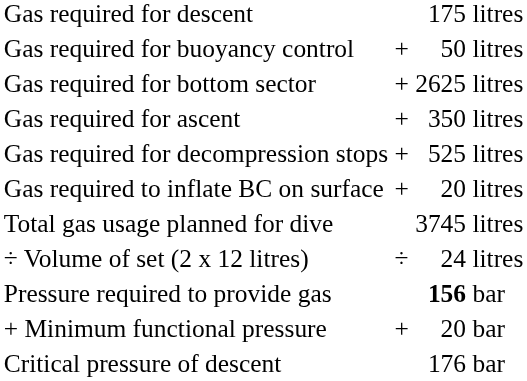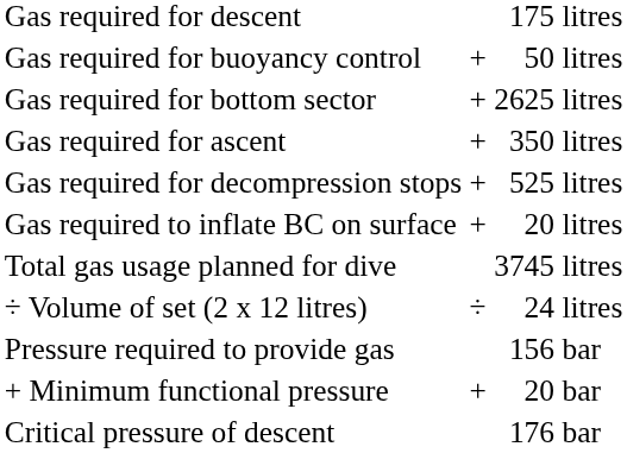 <table>
 <tr>
 <td>Gas required for descent</td>
 <td></td>
 <td align="right">175</td>
 <td>litres</td>
 </tr>
 <tr>
 <td>Gas required for buoyancy control</td>
 <td>+</td>
 <td align="right">50</td>
 <td>litres</td>
 </tr>
 <tr>
 <td>Gas required for bottom sector</td>
 <td>+</td>
 <td align="right">2625</td>
 <td>litres</td>
 </tr>
 <tr>
 <td>Gas required for ascent</td>
 <td>+</td>
 <td align="right">350</td>
 <td>litres</td>
 </tr>
 <tr>
 <td>Gas required for decompression stops</td>
 <td>+</td>
 <td align="right">525</td>
 <td>litres</td>
 </tr>
 <tr>
 <td>Gas required to inflate BC on surface</td>
 <td>+</td>
 <td align="right">20</td>
 <td>litres</td>
 </tr>
 <tr>
 <td>Total gas usage planned for dive</td>
 <td></td>
 <td align="right">3745</td>
 <td>litres</td>
 </tr>
 <tr>
 <td>÷ Volume of set (2 x 12 litres)</td>
 <td>÷</td>
 <td align="right">24</td>
 <td>litres</td>
 </tr>
 <tr>
 <td>Pressure required to provide gas</td>
 <td></td>
-<td align="right"><strong>156</strong></td>
+<td align="right">156</td>
 <td>bar</td>
 </tr>
 <tr>
 <td>+ Minimum functional pressure</td>
 <td>+</td>
 <td align="right">20</td>
 <td>bar</td>
 </tr>
 <tr>
 <td>Critical pressure of descent</td>
 <td></td>
 <td align="right">176</td>
 <td>bar</td>
 </tr>
 </table>
